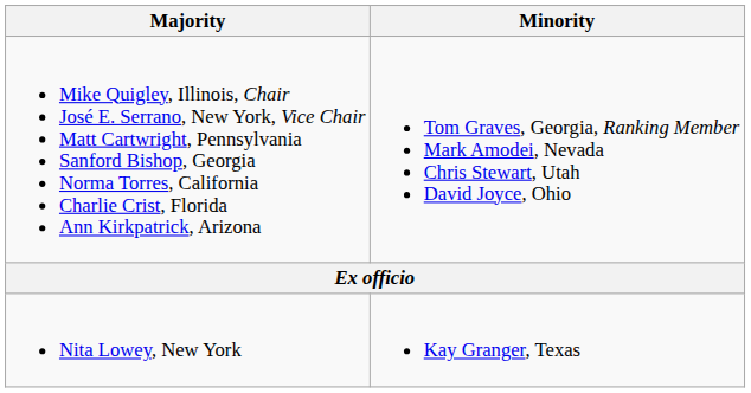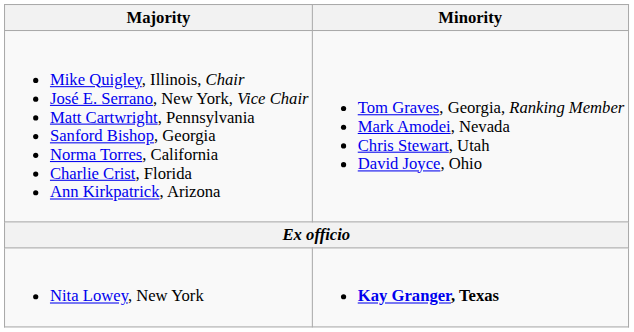 <table class=wikitable>
 <tr>
 <th>Majority</th>
 <th>Minority</th>
 </tr>
 <tr>
 <td><br><ul><li><a href='#'>Mike Quigley</a>, Illinois, <em>Chair</em></li><li><a href='#'>José E. Serrano</a>, New York, <em>Vice Chair</em></li><li><a href='#'>Matt Cartwright</a>, Pennsylvania</li><li><a href='#'>Sanford Bishop</a>, Georgia</li><li><a href='#'>Norma Torres</a>, California</li><li><a href='#'>Charlie Crist</a>, Florida</li><li><a href='#'>Ann Kirkpatrick</a>, Arizona</li></ul></td>
 <td><br><ul><li><a href='#'>Tom Graves</a>, Georgia, <em>Ranking Member</em></li><li><a href='#'>Mark Amodei</a>, Nevada</li><li><a href='#'>Chris Stewart</a>, Utah</li><li><a href='#'>David Joyce</a>, Ohio</li></ul></td>
 </tr>
 <tr>
 <th colspan=2><em>Ex officio</em></th>
 </tr>
 <tr>
 <td><br><ul><li><a href='#'>Nita Lowey</a>, New York</li></ul></td>
-<td><br><ul><li><a href='#'>Kay Granger</a>, Texas</li></ul></td>
+<td><strong><br><ul><li><a href='#'>Kay Granger</a>, Texas</li></ul></strong></td>
 </tr>
 </table>
